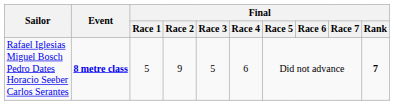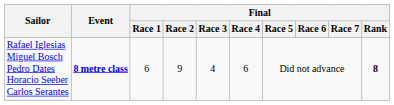 <table class=wikitable style="font-size:90%">
 <tr>
 <th rowspan=2>Sailor</th>
 <th rowspan=2>Event</th>
 <th colspan=8>Final</th>
 </tr>
 <tr>
 <th>Race 1</th>
 <th>Race 2</th>
 <th>Race 3</th>
 <th>Race 4</th>
 <th>Race 5</th>
 <th>Race 6</th>
 <th>Race 7</th>
 <th>Rank</th>
 </tr>
 <tr>
 <td><a href='#'>Rafael Iglesias</a> <br> <a href='#'>Miguel Bosch</a> <br><a href='#'>Pedro Dates</a> <br><a href='#'>Horacio Seeber</a> <br><a href='#'>Carlos Serantes</a></td>
 <td><strong><a href='#'>8 metre class</a></strong></td>
-<td align=center>5</td>
+<td align=center>6</td>
 <td align=center>9</td>
-<td align=center>5</td>
+<td align=center>4</td>
 <td align=center>6</td>
 <td align=center colspan=3>Did not advance</td>
-<td align=center><strong>7</strong></td>
+<td align=center><strong>8</strong></td>
 </tr>
 </table>
